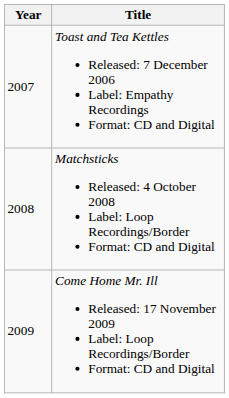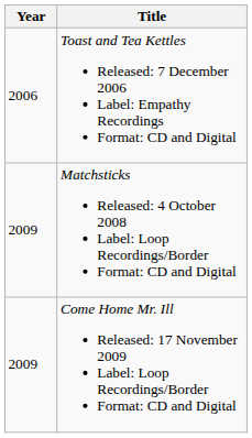 <table class="wikitable" border="1">
 <tr>
 <th width="50">Year</th>
 <th width="200">Title</th>
 </tr>
 <tr>
-<td>2007</td>
+<td>2006</td>
 <td><em>Toast and Tea Kettles</em><br><ul><li>Released: 7 December 2006</li><li>Label: Empathy Recordings</li><li>Format: CD and Digital</li></ul></td>
 </tr>
 <tr>
-<td>2008</td>
+<td>2009</td>
 <td><em>Matchsticks</em><br><ul><li>Released: 4 October 2008</li><li>Label: Loop Recordings/Border</li><li>Format: CD and Digital</li></ul></td>
 </tr>
 <tr>
 <td>2009</td>
 <td><em>Come Home Mr. Ill</em><br><ul><li>Released: 17 November 2009</li><li>Label: Loop Recordings/Border</li><li>Format: CD and Digital</li></ul></td>
 </tr>
 </table>
